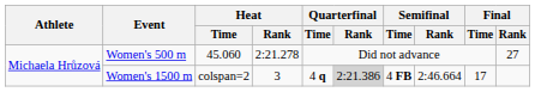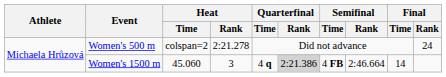 <table class="wikitable" style="font-size:90%">
 <tr>
 <th rowspan=2>Athlete</th>
 <th rowspan=2>Event</th>
 <th colspan=2>Heat</th>
 <th colspan=2>Quarterfinal</th>
 <th colspan=2>Semifinal</th>
 <th colspan=2>Final</th>
 </tr>
 <tr style="font-size:95%">
 <th>Time</th>
 <th>Rank</th>
 <th>Time</th>
 <th>Rank</th>
 <th>Time</th>
 <th>Rank</th>
 <th>Time</th>
 <th>Rank</th>
 </tr>
 <tr align=center>
 <td align=left rowspan=2><a href='#'>Michaela Hrůzová</a></td>
 <td align=left><a href='#'>Women's 500 m</a></td>
-<td>45.060</td>
+<td>colspan=2 </td>
 <td>2:21.278</td>
 <td colspan=5>Did not advance</td>
-<td>27</td>
+<td>24</td>
 </tr>
 <tr align=center>
 <td align=left><a href='#'>Women's 1500 m</a></td>
-<td>colspan=2 </td>
+<td>45.060</td>
 <td>3</td>
 <td>4 <strong>q</strong></td>
 <td style="background: lightgrey;">2:21.386</td>
 <td>4 <strong>FB</strong></td>
 <td>2:46.664</td>
-<td>17</td>
+<td>14</td>
 </tr>
 </table>
